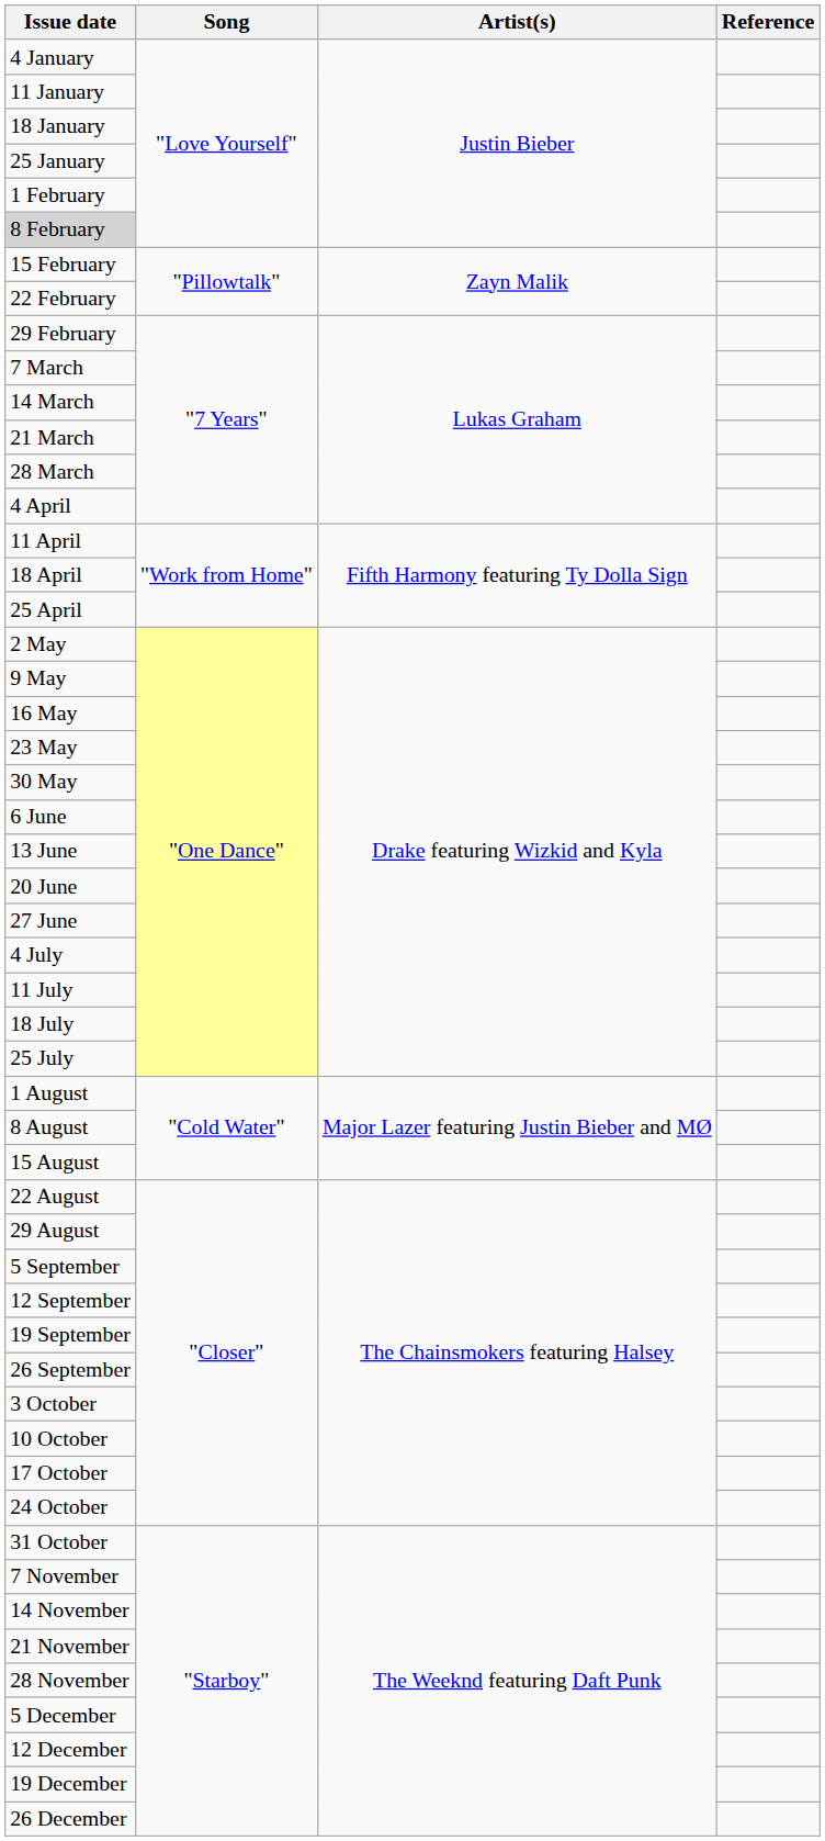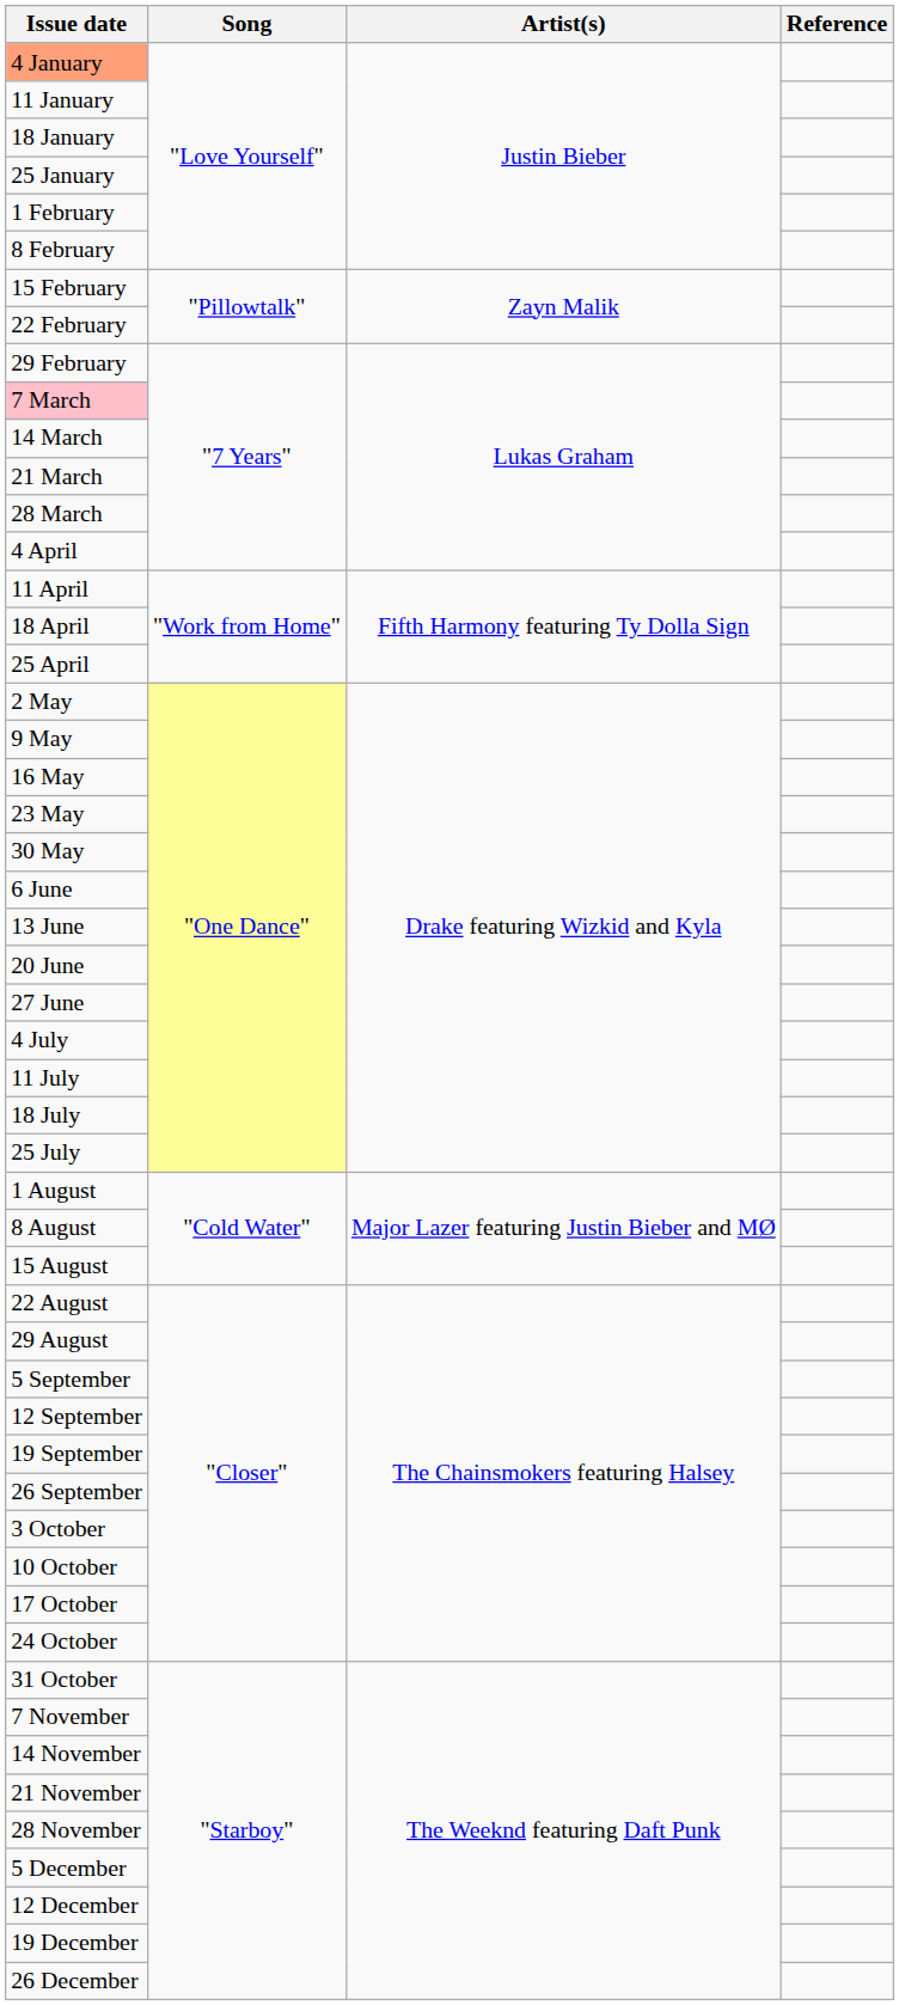 <table class="wikitable">
 <tr>
 <th>Issue date</th>
 <th>Song</th>
 <th>Artist(s)</th>
 <th>Reference</th>
 </tr>
 <tr>
-<td align="left">4 January</td>
+<td align="left" style="background: lightsalmon;">4 January</td>
 <td align="center" rowspan="6">"<a href='#'>Love Yourself</a>"</td>
 <td align="center" rowspan="6"><a href='#'>Justin Bieber</a></td>
 <td align="center"></td>
 </tr>
 <tr>
 <td align="left">11 January</td>
 <td align="center"></td>
 </tr>
 <tr>
 <td align="left">18 January</td>
 <td align="center"></td>
 </tr>
 <tr>
 <td align="left">25 January</td>
 <td align="center"></td>
 </tr>
 <tr>
 <td align="left">1 February</td>
 <td align="center"></td>
 </tr>
 <tr>
-<td align="left" style="background: lightgrey;">8 February</td>
+<td align="left">8 February</td>
 <td align="center"></td>
 </tr>
 <tr>
 <td align="left">15 February</td>
 <td align="center" rowspan="2">"<a href='#'>Pillowtalk</a>"</td>
 <td align="center" rowspan="2"><a href='#'>Zayn Malik</a></td>
 <td align="center"></td>
 </tr>
 <tr>
 <td align="left">22 February</td>
 <td align="center"></td>
 </tr>
 <tr>
 <td align="left">29 February</td>
 <td align="center" rowspan="6">"<a href='#'>7 Years</a>"</td>
 <td align="center" rowspan="6"><a href='#'>Lukas Graham</a></td>
 <td align="center"></td>
 </tr>
 <tr>
-<td align="left">7 March</td>
+<td align="left" style="background: pink;">7 March</td>
 <td align="center"></td>
 </tr>
 <tr>
 <td align="left">14 March</td>
 <td align="center"></td>
 </tr>
 <tr>
 <td align="left">21 March</td>
 <td align="center"></td>
 </tr>
 <tr>
 <td align="left">28 March</td>
 <td align="center"></td>
 </tr>
 <tr>
 <td align="left">4 April</td>
 <td align="center"></td>
 </tr>
 <tr>
 <td align="left">11 April</td>
 <td align="center" rowspan="3">"<a href='#'>Work from Home</a>"</td>
 <td align="center" rowspan="3"><a href='#'>Fifth Harmony</a> featuring <a href='#'>Ty Dolla Sign</a></td>
 <td align="center"></td>
 </tr>
 <tr>
 <td align="left">18 April</td>
 <td align="center"></td>
 </tr>
 <tr>
 <td align="left">25 April</td>
 <td align="center"></td>
 </tr>
 <tr>
 <td align="left">2 May</td>
 <td bgcolor=#FFFF99 align="center" rowspan="13">"<a href='#'>One Dance</a>"</td>
 <td align="center" rowspan="13"><a href='#'>Drake</a> featuring <a href='#'>Wizkid</a> and <a href='#'>Kyla</a></td>
 <td align="center"></td>
 </tr>
 <tr>
 <td align="left">9 May</td>
 <td align="center"></td>
 </tr>
 <tr>
 <td align="left">16 May</td>
 <td align="center"></td>
 </tr>
 <tr>
 <td align="left">23 May</td>
 <td align="center"></td>
 </tr>
 <tr>
 <td align="left">30 May</td>
 <td align="center"></td>
 </tr>
 <tr>
 <td align="left">6 June</td>
 <td align="center"></td>
 </tr>
 <tr>
 <td align="left">13 June</td>
 <td align="center"></td>
 </tr>
 <tr>
 <td align="left">20 June</td>
 <td align="center"></td>
 </tr>
 <tr>
 <td align="left">27 June</td>
 <td align="center"></td>
 </tr>
 <tr>
 <td align="left">4 July</td>
 <td align="center"></td>
 </tr>
 <tr>
 <td align="left">11 July</td>
 <td align="center"></td>
 </tr>
 <tr>
 <td align="left">18 July</td>
 <td align="center"></td>
 </tr>
 <tr>
 <td align="left">25 July</td>
 <td align="center"></td>
 </tr>
 <tr>
 <td align="left">1 August</td>
 <td align="center" rowspan="3">"<a href='#'>Cold Water</a>"</td>
 <td align="center" rowspan="3"><a href='#'>Major Lazer</a> featuring <a href='#'>Justin Bieber</a> and <a href='#'>MØ</a></td>
 <td align="center"></td>
 </tr>
 <tr>
 <td align="left">8 August</td>
 <td align="center"></td>
 </tr>
 <tr>
 <td align="left">15 August</td>
 <td align="center"></td>
 </tr>
 <tr>
 <td align="left">22 August</td>
 <td align="center" rowspan="10">"<a href='#'>Closer</a>"</td>
 <td align="center" rowspan="10"><a href='#'>The Chainsmokers</a> featuring <a href='#'>Halsey</a></td>
 <td align="center"></td>
 </tr>
 <tr>
 <td align="left">29 August</td>
 <td align="center"></td>
 </tr>
 <tr>
 <td align="left">5 September</td>
 <td align="center"></td>
 </tr>
 <tr>
 <td align="left">12 September</td>
 <td align="center"></td>
 </tr>
 <tr>
 <td align="left">19 September</td>
 <td align="center"></td>
 </tr>
 <tr>
 <td align="left">26 September</td>
 <td align="center"></td>
 </tr>
 <tr>
 <td align="left">3 October</td>
 <td align="center"></td>
 </tr>
 <tr>
 <td align="left">10 October</td>
 <td align="center"></td>
 </tr>
 <tr>
 <td align="left">17 October</td>
 <td align="center"></td>
 </tr>
 <tr>
 <td align="left">24 October</td>
 <td align="center"></td>
 </tr>
 <tr>
 <td align="left">31 October</td>
 <td align="center" rowspan="9">"<a href='#'>Starboy</a>"</td>
 <td align="center" rowspan="9"><a href='#'>The Weeknd</a> featuring <a href='#'>Daft Punk</a></td>
 <td align="center"></td>
 </tr>
 <tr>
 <td align="left">7 November</td>
 <td align="center"></td>
 </tr>
 <tr>
 <td align="left">14 November</td>
 <td align="center"></td>
 </tr>
 <tr>
 <td align="left">21 November</td>
 <td align="center"></td>
 </tr>
 <tr>
 <td align="left">28 November</td>
 <td align="center"></td>
 </tr>
 <tr>
 <td align="left">5 December</td>
 <td align="center"></td>
 </tr>
 <tr>
 <td align="left">12 December</td>
 <td align="center"></td>
 </tr>
 <tr>
 <td align="left">19 December</td>
 <td align="center"></td>
 </tr>
 <tr>
 <td align="left">26 December</td>
 <td align="center"></td>
 </tr>
 </table>
